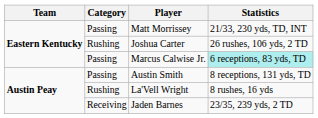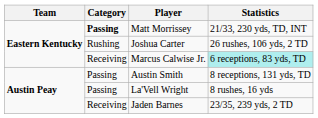 <table class="wikitable" style="float: right;">
 <tr>
 <th>Team</th>
 <th>Category</th>
 <th>Player</th>
 <th>Statistics</th>
 </tr>
 <tr>
 <td rowspan=3><strong>Eastern Kentucky</strong></td>
-<td>Passing</td>
+<td><strong>Passing</strong></td>
 <td>Matt Morrissey</td>
 <td>21/33, 230 yds, TD, INT</td>
 </tr>
 <tr>
 <td>Rushing</td>
 <td>Joshua Carter</td>
 <td>26 rushes, 106 yds, 2 TD</td>
 </tr>
 <tr>
-<td>Passing</td>
+<td>Receiving</td>
 <td>Marcus Calwise Jr.</td>
 <td style="background: paleturquoise;">6 receptions, 83 yds, TD</td>
 </tr>
 <tr>
 <td rowspan=3><strong>Austin Peay</strong></td>
 <td>Passing</td>
 <td>Austin Smith</td>
 <td>8 receptions, 131 yds, TD</td>
 </tr>
 <tr>
-<td>Rushing</td>
+<td>Passing</td>
 <td>La'Vell Wright</td>
 <td>8 rushes, 16 yds</td>
 </tr>
 <tr>
 <td>Receiving</td>
 <td>Jaden Barnes</td>
 <td>23/35, 239 yds, 2 TD</td>
 </tr>
 </table>
